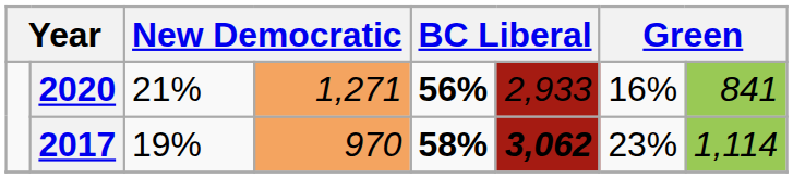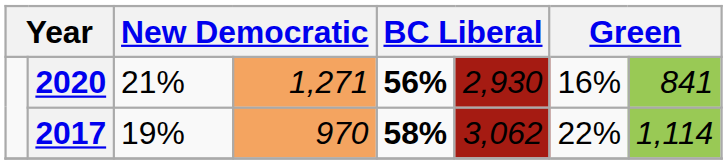 <table class="wikitable" style="float:right; width:400; font-size:90%; margin-left:1em;">
 <tr>
 <th colspan="2" scope="col">Year</th>
 <th colspan="2" scope="col"><a href='#'>New Democratic</a></th>
 <th colspan="2" scope="col"><a href='#'>BC Liberal</a></th>
 <th colspan="2" scope="col"><a href='#'>Green</a></th>
 </tr>
 <tr>
 <td rowspan="2" style="width: 0.25em; background-color: "></td>
 <th><a href='#'>2020</a></th>
 <td>21%</td>
 <td style="text-align:right; background:#F4A460;"><em>1,271</em></td>
 <td><span> <strong>56%</strong></span></td>
-<td style="text-align:right; background:#A51B12;"><span> <em>2,933</em></span></td>
+<td style="text-align:right; background:#A51B12;"><span> <em>2,930</em></span></td>
 <td>16%</td>
 <td style="text-align:right; background:#99C955;"><em>841</em></td>
 </tr>
 <tr>
 <th><a href='#'>2017</a></th>
 <td>19%</td>
 <td style="text-align:right; background:#F4A460;"><em>970</em></td>
 <td><span> <strong>58%</strong></span></td>
-<td style="text-align:right; background:#A51B12;"><strong><span> <em>3,062</em></span></strong></td>
-<td>23%</td>
+<td style="text-align:right; background:#A51B12;"><span> <em>3,062</em></span></td>
+<td>22%</td>
 <td style="text-align:right; background:#99C955;"><em>1,114</em></td>
 </tr>
 <tr>
 </tr>
 </table>
